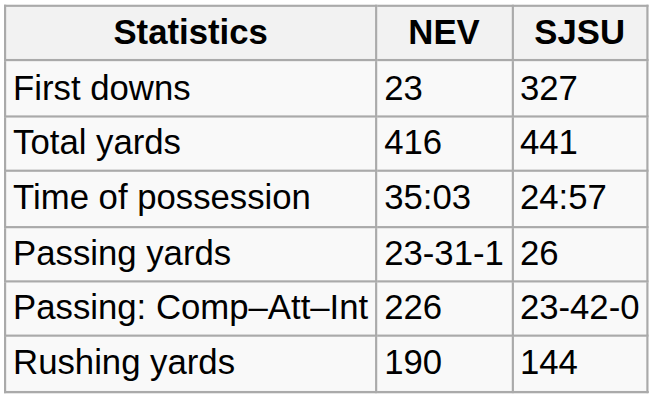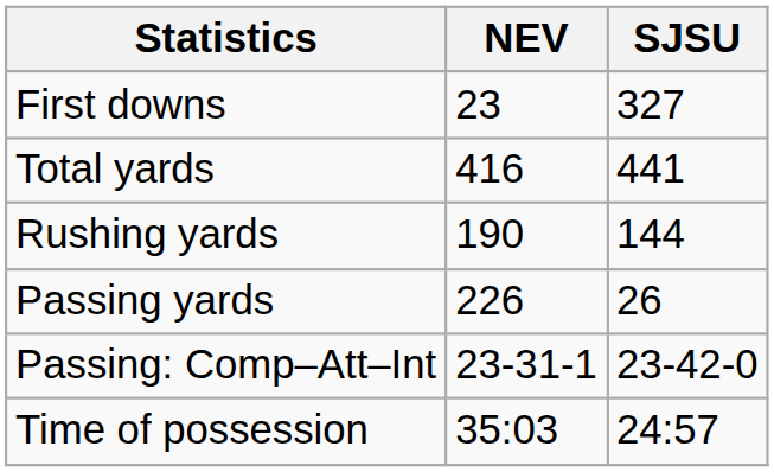 <table class="wikitable" style="float: left;">
 <tr>
 <th>Statistics</th>
 <th>NEV</th>
 <th>SJSU</th>
 </tr>
 <tr>
 <td>First downs</td>
 <td>23</td>
 <td>327</td>
 </tr>
 <tr>
 <td>Total yards</td>
 <td>416</td>
 <td>441</td>
 </tr>
 <tr>
+<td>Rushing yards</td>
+<td>190</td>
+<td>144</td>
+</tr>
+<tr>
+<td>Passing yards</td>
+<td>226</td>
+<td>26</td>
+</tr>
+<tr>
+<td>Passing: Comp–Att–Int</td>
+<td>23-31-1</td>
+<td>23-42-0</td>
+</tr>
+<tr>
 <td>Time of possession</td>
 <td>35:03</td>
 <td>24:57</td>
 </tr>
 <tr>
-<td>Passing yards</td>
-<td>23-31-1</td>
-<td>26</td>
-</tr>
-<tr>
-<td>Passing: Comp–Att–Int</td>
-<td>226</td>
-<td>23-42-0</td>
-</tr>
-<tr>
-<td>Rushing yards</td>
-<td>190</td>
-<td>144</td>
-</tr>
-<tr>
 </tr>
 </table>
